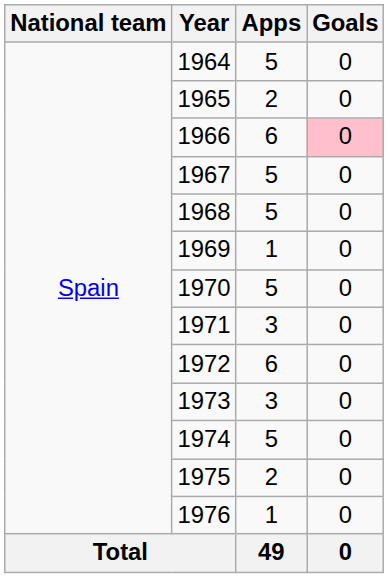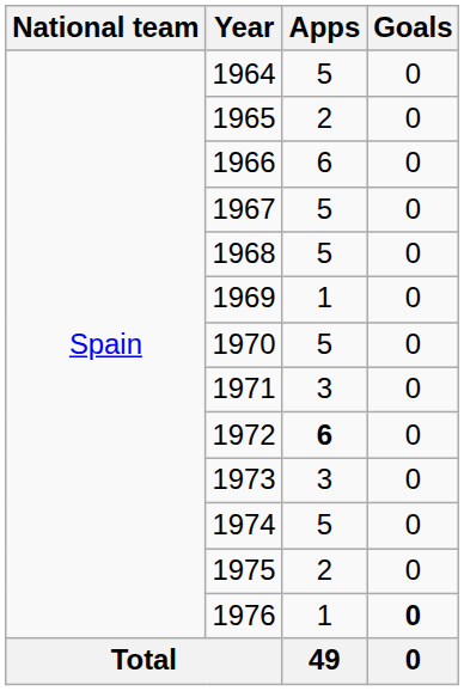 <table class="wikitable" style="text-align:center">
 <tr>
 <th>National team</th>
 <th>Year</th>
 <th>Apps</th>
 <th>Goals</th>
 </tr>
 <tr>
 <td rowspan="13"><a href='#'>Spain</a></td>
 <td>1964</td>
 <td>5</td>
 <td>0</td>
 </tr>
 <tr>
 <td>1965</td>
 <td>2</td>
 <td>0</td>
 </tr>
 <tr>
 <td>1966</td>
 <td>6</td>
-<td style="background: pink;">0</td>
+<td>0</td>
 </tr>
 <tr>
 <td>1967</td>
 <td>5</td>
 <td>0</td>
 </tr>
 <tr>
 <td>1968</td>
 <td>5</td>
 <td>0</td>
 </tr>
 <tr>
 <td>1969</td>
 <td>1</td>
 <td>0</td>
 </tr>
 <tr>
 <td>1970</td>
 <td>5</td>
 <td>0</td>
 </tr>
 <tr>
 <td>1971</td>
 <td>3</td>
 <td>0</td>
 </tr>
 <tr>
 <td>1972</td>
-<td>6</td>
+<td><strong>6</strong></td>
 <td>0</td>
 </tr>
 <tr>
 <td>1973</td>
 <td>3</td>
 <td>0</td>
 </tr>
 <tr>
 <td>1974</td>
 <td>5</td>
 <td>0</td>
 </tr>
 <tr>
 <td>1975</td>
 <td>2</td>
 <td>0</td>
 </tr>
 <tr>
 <td>1976</td>
 <td>1</td>
-<td>0</td>
+<td><strong>0</strong></td>
 </tr>
 <tr>
 <th colspan="2">Total</th>
 <th>49</th>
 <th>0</th>
 </tr>
 </table>
